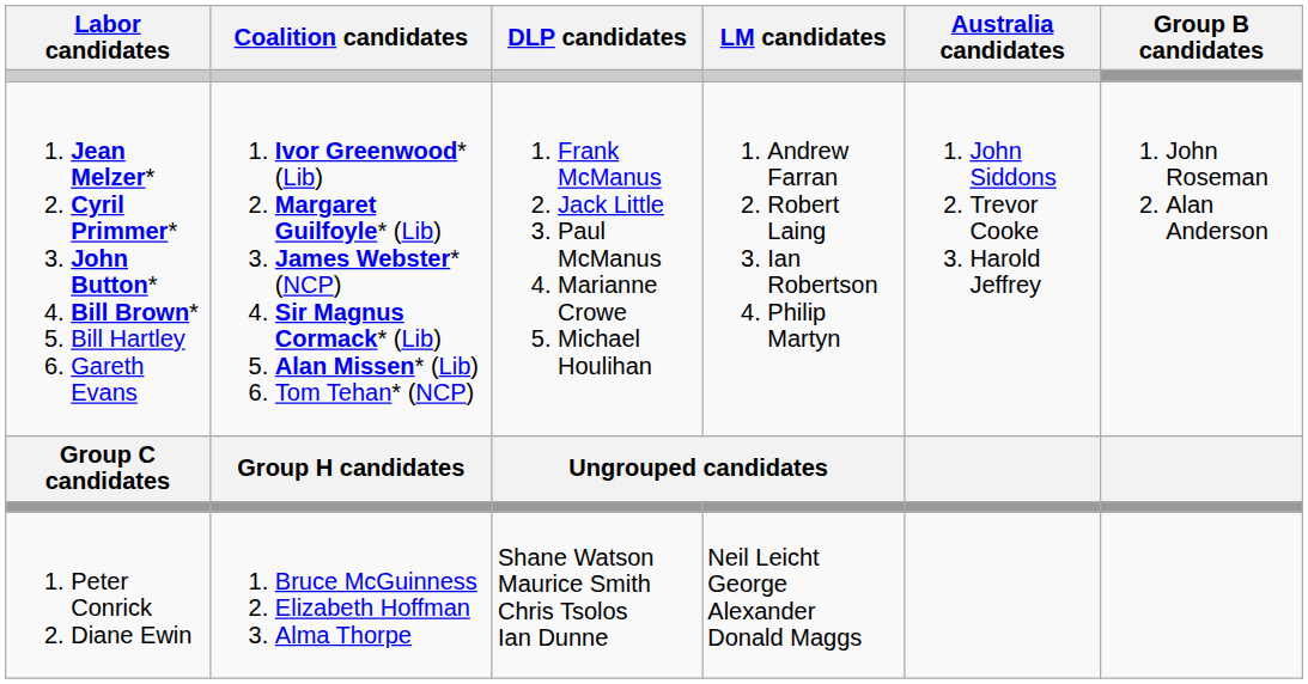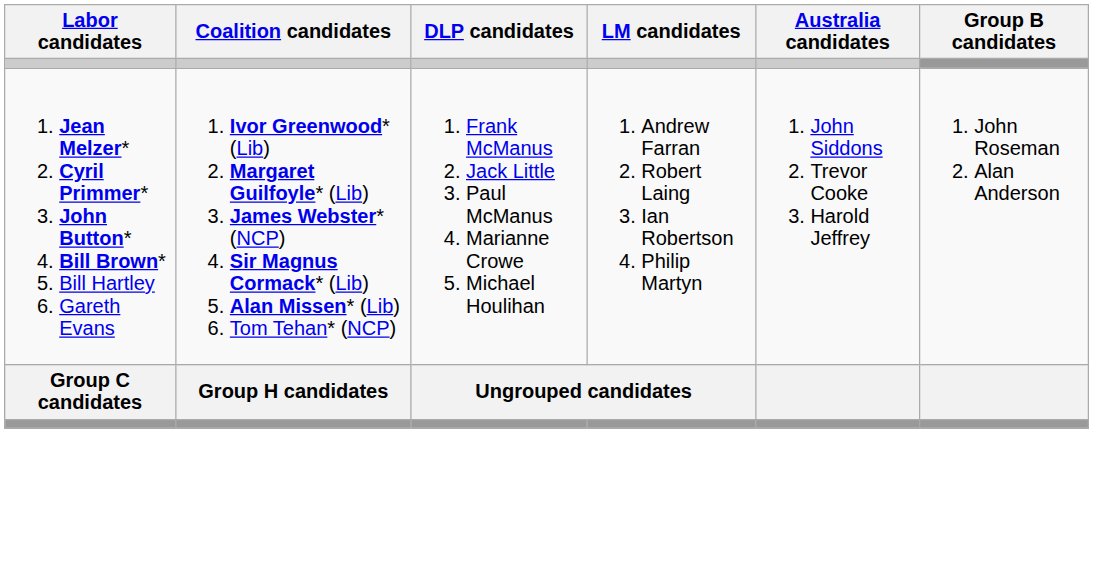 <table class="wikitable">
 <tr>
 <th><a href='#'>Labor</a> candidates</th>
 <th><a href='#'>Coalition</a> candidates</th>
 <th><a href='#'>DLP</a> candidates</th>
 <th><a href='#'>LM</a> candidates</th>
 <th><a href='#'>Australia</a> candidates</th>
 <th>Group B candidates</th>
 </tr>
 <tr bgcolor="#cccccc">
 <td></td>
 <td></td>
 <td></td>
 <td></td>
 <td></td>
 <td bgcolor="#999999"></td>
 </tr>
 <tr>
 <td><br><ol><li><strong><a href='#'>Jean Melzer</a></strong>*</li><li><strong><a href='#'>Cyril Primmer</a></strong>*</li><li><strong><a href='#'>John Button</a></strong>*</li><li><strong><a href='#'>Bill Brown</a></strong>*</li><li><a href='#'>Bill Hartley</a></li><li><a href='#'>Gareth Evans</a></li></ol></td>
 <td><br><ol><li><strong><a href='#'>Ivor Greenwood</a></strong>* (<a href='#'>Lib</a>)</li><li><strong><a href='#'>Margaret Guilfoyle</a></strong>* (<a href='#'>Lib</a>)</li><li><strong><a href='#'>James Webster</a></strong>* (<a href='#'>NCP</a>)</li><li><strong><a href='#'>Sir Magnus Cormack</a></strong>* (<a href='#'>Lib</a>)</li><li><strong><a href='#'>Alan Missen</a></strong>* (<a href='#'>Lib</a>)</li><li><a href='#'>Tom Tehan</a>* (<a href='#'>NCP</a>)</li></ol></td>
 <td valign=top><br><ol><li><a href='#'>Frank McManus</a></li><li><a href='#'>Jack Little</a></li><li>Paul McManus</li><li>Marianne Crowe</li><li>Michael Houlihan</li></ol></td>
 <td valign=top><br><ol><li>Andrew Farran</li><li>Robert Laing</li><li>Ian Robertson</li><li>Philip Martyn</li></ol></td>
 <td valign=top><br><ol><li><a href='#'>John Siddons</a></li><li>Trevor Cooke</li><li>Harold Jeffrey</li></ol></td>
 <td valign=top><br><ol><li>John Roseman</li><li>Alan Anderson</li></ol></td>
 </tr>
 <tr bgcolor="#cccccc">
 <th>Group C candidates</th>
 <th>Group H candidates</th>
 <th colspan="2">Ungrouped candidates</th>
 <th></th>
 <th></th>
 </tr>
 <tr bgcolor="#cccccc">
 <td bgcolor="#999999"></td>
 <td bgcolor="#999999"></td>
 <td bgcolor="#999999"></td>
 <td bgcolor="#999999"></td>
 <td bgcolor="#999999"></td>
 <td bgcolor="#999999"></td>
 </tr>
-<tr>
-<td valign=top><br><ol><li>Peter Conrick</li><li>Diane Ewin</li></ol></td>
-<td valign=top><br><ol><li><a href='#'>Bruce McGuinness</a></li><li><a href='#'>Elizabeth Hoffman</a></li><li><a href='#'>Alma Thorpe</a></li></ol></td>
-<td valign=top><br>Shane Watson<br> Maurice Smith<br> Chris Tsolos<br> Ian Dunne</td>
-<td valign=top><br>Neil Leicht<br> George Alexander<br> Donald Maggs</td>
-<td valign=top></td>
-<td valign=top></td>
-</tr>
 </table>
